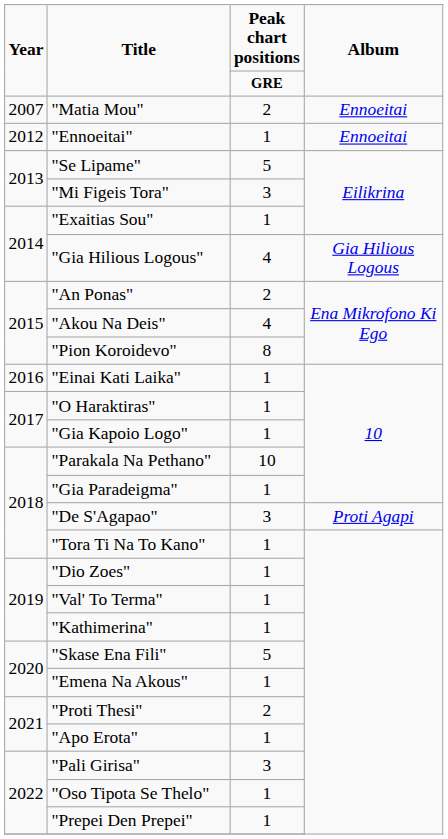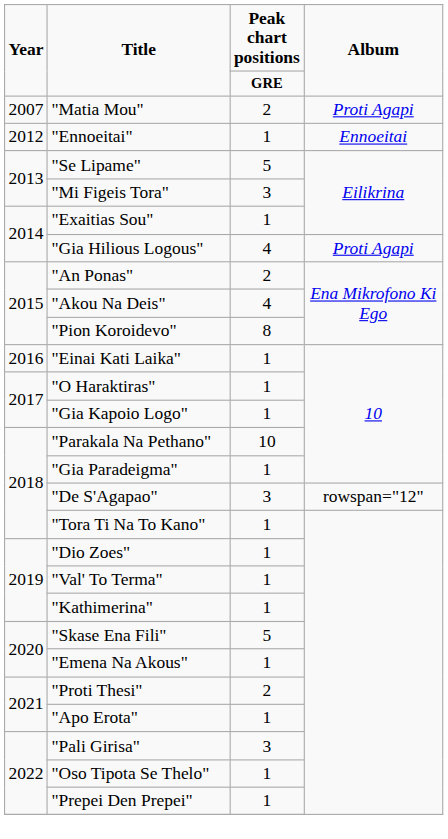 <table class="wikitable" style="text-align:center;">
 <tr>
 <td rowspan="2" width="10"><strong>Year </strong></td>
 <td rowspan="2" width="160"><strong>Title</strong></td>
 <td colspan="1"><strong>Peak chart positions</strong></td>
 <td rowspan="2" width="120"><strong>Album</strong></td>
 </tr>
 <tr style="font-size:smaller">
 <td width="30"><strong>GRE</strong><br></td>
 </tr>
 <tr>
 <td>2007</td>
 <td align="left">"Matia Mou"</td>
 <td>2</td>
-<td><em><a href='#'>Ennoeitai</a></em></td>
+<td><em><a href='#'>Proti Agapi</a></em></td>
 </tr>
 <tr>
 <td>2012</td>
 <td align="left">"Ennoeitai"</td>
 <td>1</td>
 <td><em><a href='#'>Ennoeitai</a></em></td>
 </tr>
 <tr>
 <td rowspan="2">2013</td>
 <td align="left">"Se Lipame"</td>
 <td>5</td>
 <td rowspan="3"><em><a href='#'>Eilikrina</a></em></td>
 </tr>
 <tr>
 <td align="left">"Mi Figeis Tora"</td>
 <td>3</td>
 </tr>
 <tr>
 <td rowspan="2">2014</td>
 <td align="left">"Exaitias Sou"</td>
 <td>1</td>
 </tr>
 <tr>
 <td align="left">"Gia Hilious Logous"</td>
 <td>4</td>
-<td><em><a href='#'>Gia Hilious Logous</a></em></td>
+<td><em><a href='#'>Proti Agapi</a></em></td>
 </tr>
 <tr>
 <td rowspan="3">2015</td>
 <td align="left">"An Ponas"</td>
 <td>2</td>
 <td rowspan="3"><em><a href='#'>Ena Mikrofono Ki Ego</a></em></td>
 </tr>
 <tr>
 <td align="left">"Akou Na Deis"</td>
 <td>4</td>
 </tr>
 <tr>
 <td align="left">"Pion Koroidevo"</td>
 <td>8</td>
 </tr>
 <tr>
 <td>2016</td>
 <td align="left">"Einai Kati Laika"</td>
 <td>1</td>
 <td rowspan="5"><em><a href='#'>10</a></em></td>
 </tr>
 <tr>
 <td rowspan="2">2017</td>
 <td align="left">"O Haraktiras"</td>
 <td>1</td>
 </tr>
 <tr>
 <td align="left">"Gia Kapoio Logo"</td>
 <td>1</td>
 </tr>
 <tr>
 <td rowspan="4">2018</td>
 <td align="left">"Parakala Na Pethano"</td>
 <td>10</td>
 </tr>
 <tr>
 <td align="left">"Gia Paradeigma"</td>
 <td>1</td>
 </tr>
 <tr>
 <td align="left">"De S'Agapao"</td>
 <td>3</td>
-<td><em><a href='#'>Proti Agapi</a></em></td>
+<td>rowspan="12" </td>
 </tr>
 <tr>
 <td align="left">"Tora Ti Na To Kano"</td>
 <td>1</td>
 </tr>
 <tr>
 <td rowspan="3">2019</td>
 <td align="left">"Dio Zoes"</td>
 <td>1</td>
 </tr>
 <tr>
 <td align="left">"Val' To Terma"</td>
 <td>1</td>
 </tr>
 <tr>
 <td align="left">"Kathimerina"</td>
 <td>1</td>
 </tr>
 <tr>
 <td rowspan="2">2020</td>
 <td align="left">"Skase Ena Fili"</td>
 <td>5</td>
 </tr>
 <tr>
 <td align="left">"Emena Na Akous"</td>
 <td>1</td>
 </tr>
 <tr>
 <td rowspan="2">2021</td>
 <td align="left">"Proti Thesi"</td>
 <td>2</td>
 </tr>
 <tr>
 <td align="left">"Apo Erota"</td>
 <td>1</td>
 </tr>
 <tr>
 <td rowspan="3">2022</td>
 <td align="left">"Pali Girisa"</td>
 <td>3</td>
 </tr>
 <tr>
 <td align="left">"Oso Tipota Se Thelo"</td>
 <td>1</td>
 </tr>
 <tr>
 <td align="left">"Prepei Den Prepei"</td>
 <td>1</td>
 </tr>
 <tr>
 </tr>
 </table>
